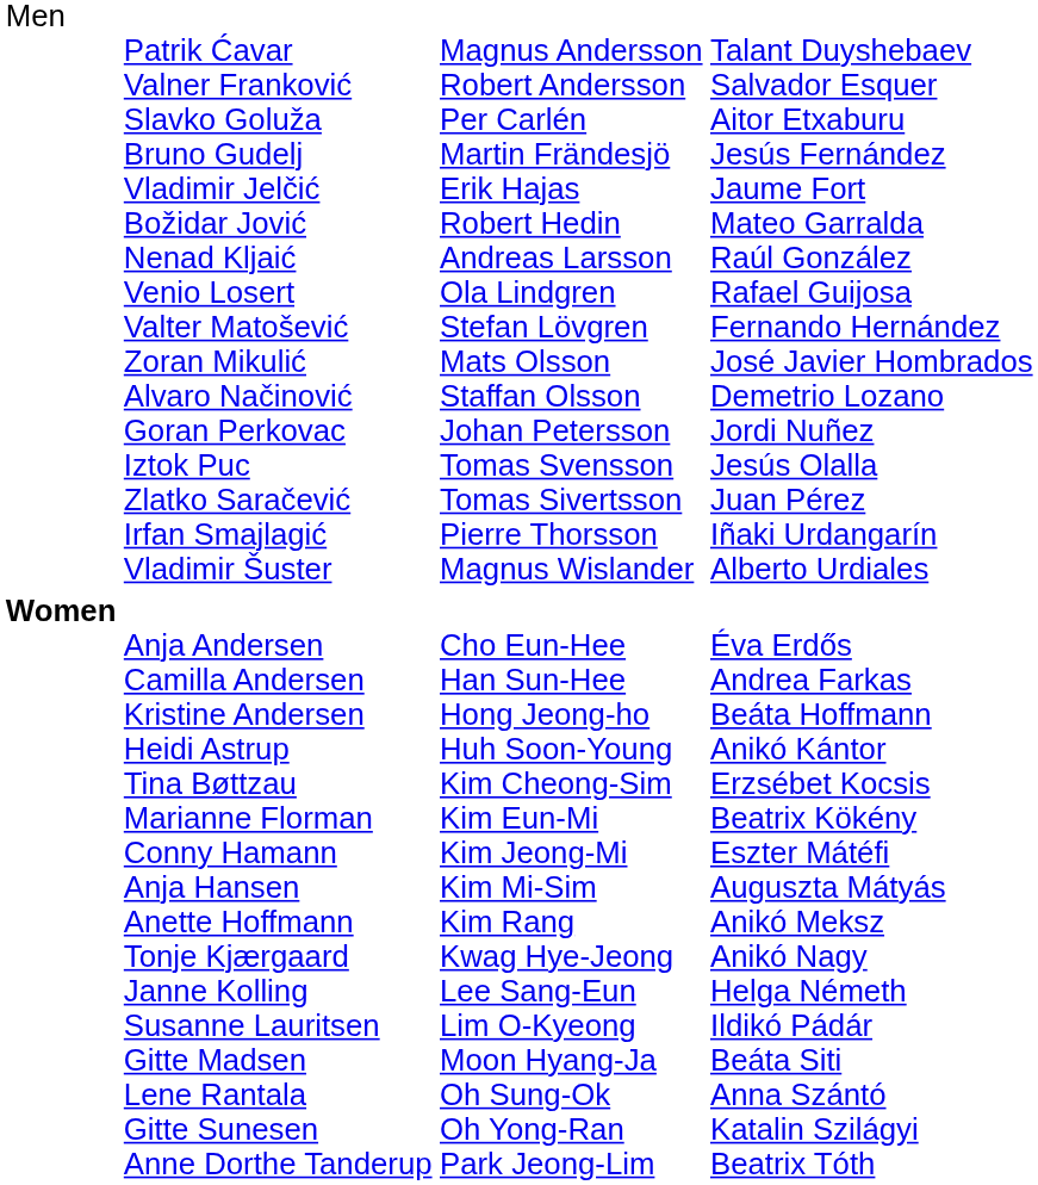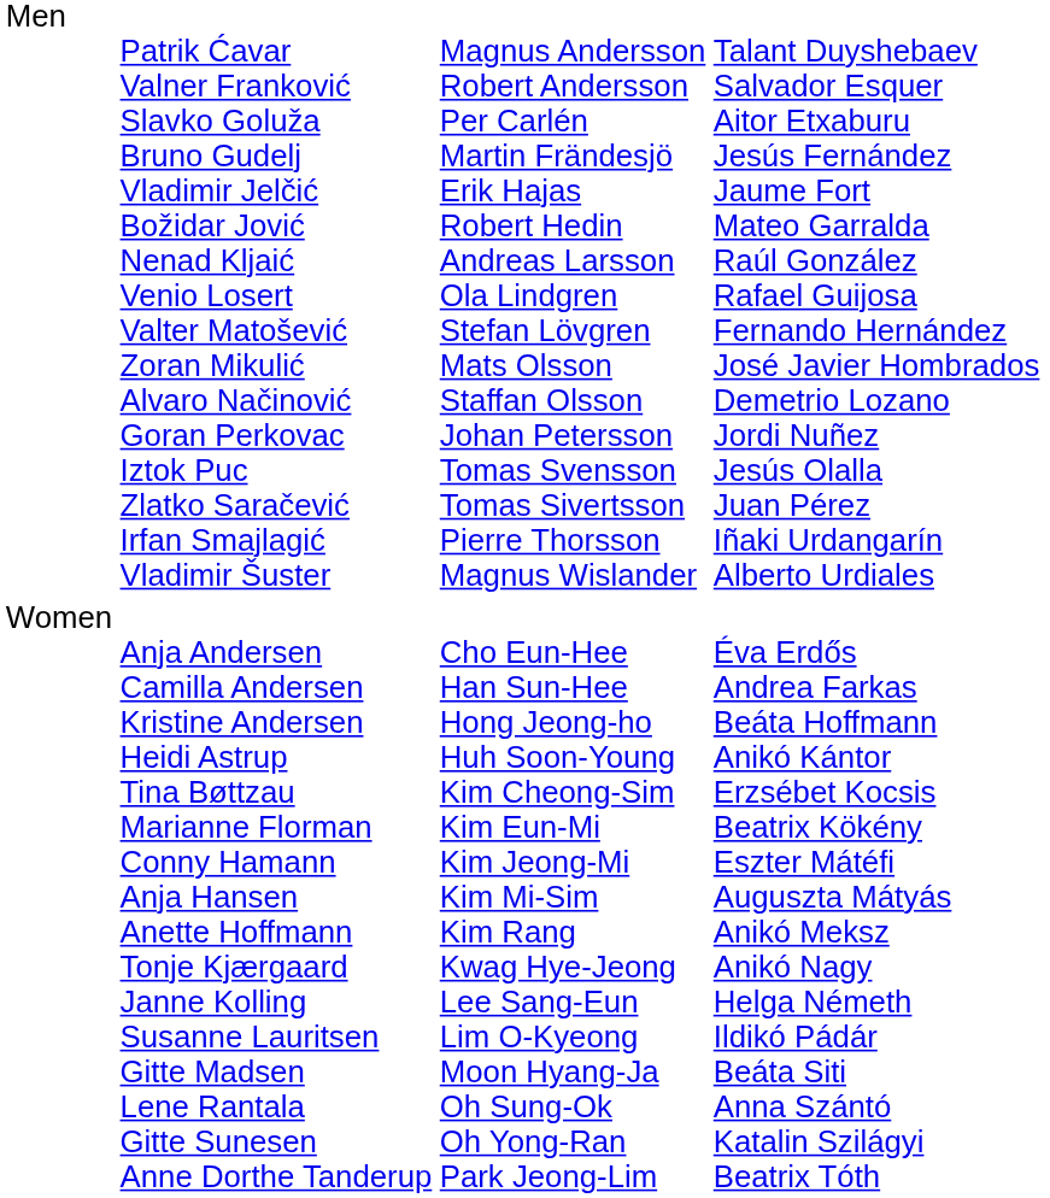 <table>
 <tr valign="top">
 <td>Men <br></td>
 <td><br><a href='#'>Patrik Ćavar</a><br><a href='#'>Valner Franković</a><br><a href='#'>Slavko Goluža</a><br><a href='#'>Bruno Gudelj</a><br><a href='#'>Vladimir Jelčić</a><br><a href='#'>Božidar Jović</a><br><a href='#'>Nenad Kljaić</a><br><a href='#'>Venio Losert</a><br><a href='#'>Valter Matošević</a><br><a href='#'>Zoran Mikulić</a><br><a href='#'>Alvaro Načinović</a><br><a href='#'>Goran Perkovac</a><br><a href='#'>Iztok Puc</a><br><a href='#'>Zlatko Saračević</a><br><a href='#'>Irfan Smajlagić</a><br><a href='#'>Vladimir Šuster</a></td>
 <td><br><a href='#'>Magnus Andersson</a><br><a href='#'>Robert Andersson</a><br><a href='#'>Per Carlén</a><br><a href='#'>Martin Frändesjö</a><br><a href='#'>Erik Hajas</a><br><a href='#'>Robert Hedin</a><br><a href='#'>Andreas Larsson</a><br><a href='#'>Ola Lindgren</a><br><a href='#'>Stefan Lövgren</a><br><a href='#'>Mats Olsson</a><br><a href='#'>Staffan Olsson</a><br><a href='#'>Johan Petersson</a><br><a href='#'>Tomas Svensson</a><br><a href='#'>Tomas Sivertsson</a><br><a href='#'>Pierre Thorsson</a><br><a href='#'>Magnus Wislander</a></td>
 <td><br><a href='#'>Talant Duyshebaev</a><br><a href='#'>Salvador Esquer</a><br><a href='#'>Aitor Etxaburu</a><br><a href='#'>Jesús Fernández</a><br><a href='#'>Jaume Fort</a><br><a href='#'>Mateo Garralda</a><br><a href='#'>Raúl González</a><br><a href='#'>Rafael Guijosa</a><br><a href='#'>Fernando Hernández</a><br><a href='#'>José Javier Hombrados</a><br><a href='#'>Demetrio Lozano</a><br><a href='#'>Jordi Nuñez</a><br><a href='#'>Jesús Olalla</a><br><a href='#'>Juan Pérez</a><br><a href='#'>Iñaki Urdangarín</a><br><a href='#'>Alberto Urdiales</a></td>
 </tr>
 <tr valign="top">
-<td><strong>Women <br></strong></td>
+<td>Women <br></td>
 <td><br><a href='#'>Anja Andersen</a><br><a href='#'>Camilla Andersen</a><br><a href='#'>Kristine Andersen</a><br><a href='#'>Heidi Astrup</a><br><a href='#'>Tina Bøttzau</a><br><a href='#'>Marianne Florman</a><br><a href='#'>Conny Hamann</a><br><a href='#'>Anja Hansen</a><br><a href='#'>Anette Hoffmann</a><br><a href='#'>Tonje Kjærgaard</a><br><a href='#'>Janne Kolling</a><br><a href='#'>Susanne Lauritsen</a><br><a href='#'>Gitte Madsen</a><br><a href='#'>Lene Rantala</a><br><a href='#'>Gitte Sunesen</a><br><a href='#'>Anne Dorthe Tanderup</a></td>
 <td><br><a href='#'>Cho Eun-Hee</a><br><a href='#'>Han Sun-Hee</a><br><a href='#'>Hong Jeong-ho</a><br><a href='#'>Huh Soon-Young</a><br><a href='#'>Kim Cheong-Sim</a><br><a href='#'>Kim Eun-Mi</a><br><a href='#'>Kim Jeong-Mi</a><br><a href='#'>Kim Mi-Sim</a><br><a href='#'>Kim Rang</a><br><a href='#'>Kwag Hye-Jeong</a><br><a href='#'>Lee Sang-Eun</a><br><a href='#'>Lim O-Kyeong</a><br><a href='#'>Moon Hyang-Ja</a><br><a href='#'>Oh Sung-Ok</a><br><a href='#'>Oh Yong-Ran</a><br><a href='#'>Park Jeong-Lim</a></td>
 <td><br><a href='#'>Éva Erdős</a><br><a href='#'>Andrea Farkas</a><br><a href='#'>Beáta Hoffmann</a><br><a href='#'>Anikó Kántor</a><br><a href='#'>Erzsébet Kocsis</a><br><a href='#'>Beatrix Kökény</a><br><a href='#'>Eszter Mátéfi</a><br><a href='#'>Auguszta Mátyás</a><br><a href='#'>Anikó Meksz</a><br><a href='#'>Anikó Nagy</a><br><a href='#'>Helga Németh</a><br><a href='#'>Ildikó Pádár</a><br><a href='#'>Beáta Siti</a><br><a href='#'>Anna Szántó</a><br><a href='#'>Katalin Szilágyi</a><br><a href='#'>Beatrix Tóth</a></td>
 </tr>
 </table>
